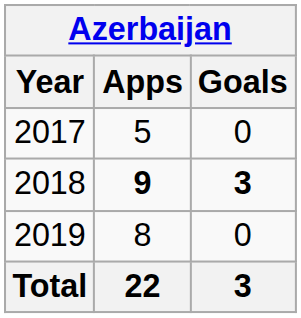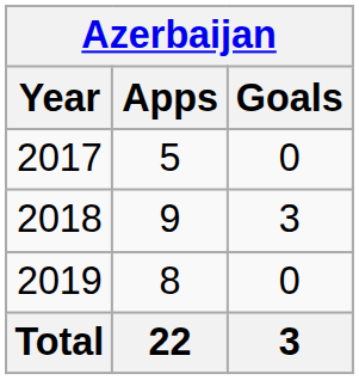 <table class="wikitable" style="text-align:center">
 <tr>
 <th colspan=3><a href='#'>Azerbaijan</a></th>
 </tr>
 <tr>
 <th>Year</th>
 <th>Apps</th>
 <th>Goals</th>
 </tr>
 <tr>
 <td>2017</td>
 <td>5</td>
 <td>0</td>
 </tr>
 <tr>
 <td>2018</td>
-<td><strong>9</strong></td>
-<td><strong>3</strong></td>
+<td>9</td>
+<td>3</td>
 </tr>
 <tr>
 <td>2019</td>
 <td>8</td>
 <td>0</td>
 </tr>
 <tr>
 <th>Total</th>
 <th>22</th>
 <th>3</th>
 </tr>
 </table>
